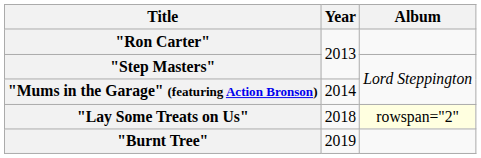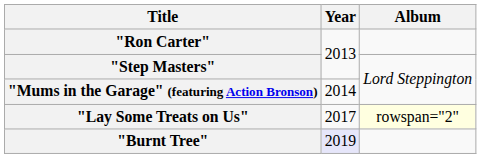 <table class="wikitable plainrowheaders" style="text-align:center;">
 <tr>
 <th scope="col">Title</th>
 <th scope="col">Year</th>
 <th scope="col">Album</th>
 </tr>
 <tr>
 <th scope="row">"Ron Carter"</th>
 <td rowspan="2">2013</td>
 <td></td>
 </tr>
 <tr>
 <th scope="row">"Step Masters"</th>
 <td rowspan="2"><em>Lord Steppington</em></td>
 </tr>
 <tr>
 <th scope="row">"Mums in the Garage" <small>(featuring <a href='#'>Action Bronson</a>)</small></th>
 <td>2014</td>
 </tr>
 <tr>
 <th scope="row">"Lay Some Treats on Us"</th>
-<td>2018</td>
+<td>2017</td>
 <td style="background: lightyellow;">rowspan="2" </td>
 </tr>
 <tr>
 <th scope="row">"Burnt Tree"</th>
-<td>2019</td>
+<td style="background: lavender;">2019</td>
 </tr>
 </table>
